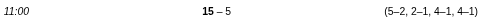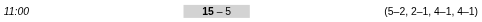 <table style="text-align:center">
 <tr>
 <th width=100></th>
 <th width=200></th>
 <th width=100></th>
 <th width=200></th>
 </tr>
 <tr>
 <td><em>11:00</em></td>
 <td align=right><strong></strong></td>
-<td><strong>15</strong> – 5</td>
+<td style="background: lightgrey;"><strong>15</strong> – 5</td>
 <td align=left></td>
 <td>(5–2, 2–1, 4–1, 4–1)</td>
 </tr>
 </table>
